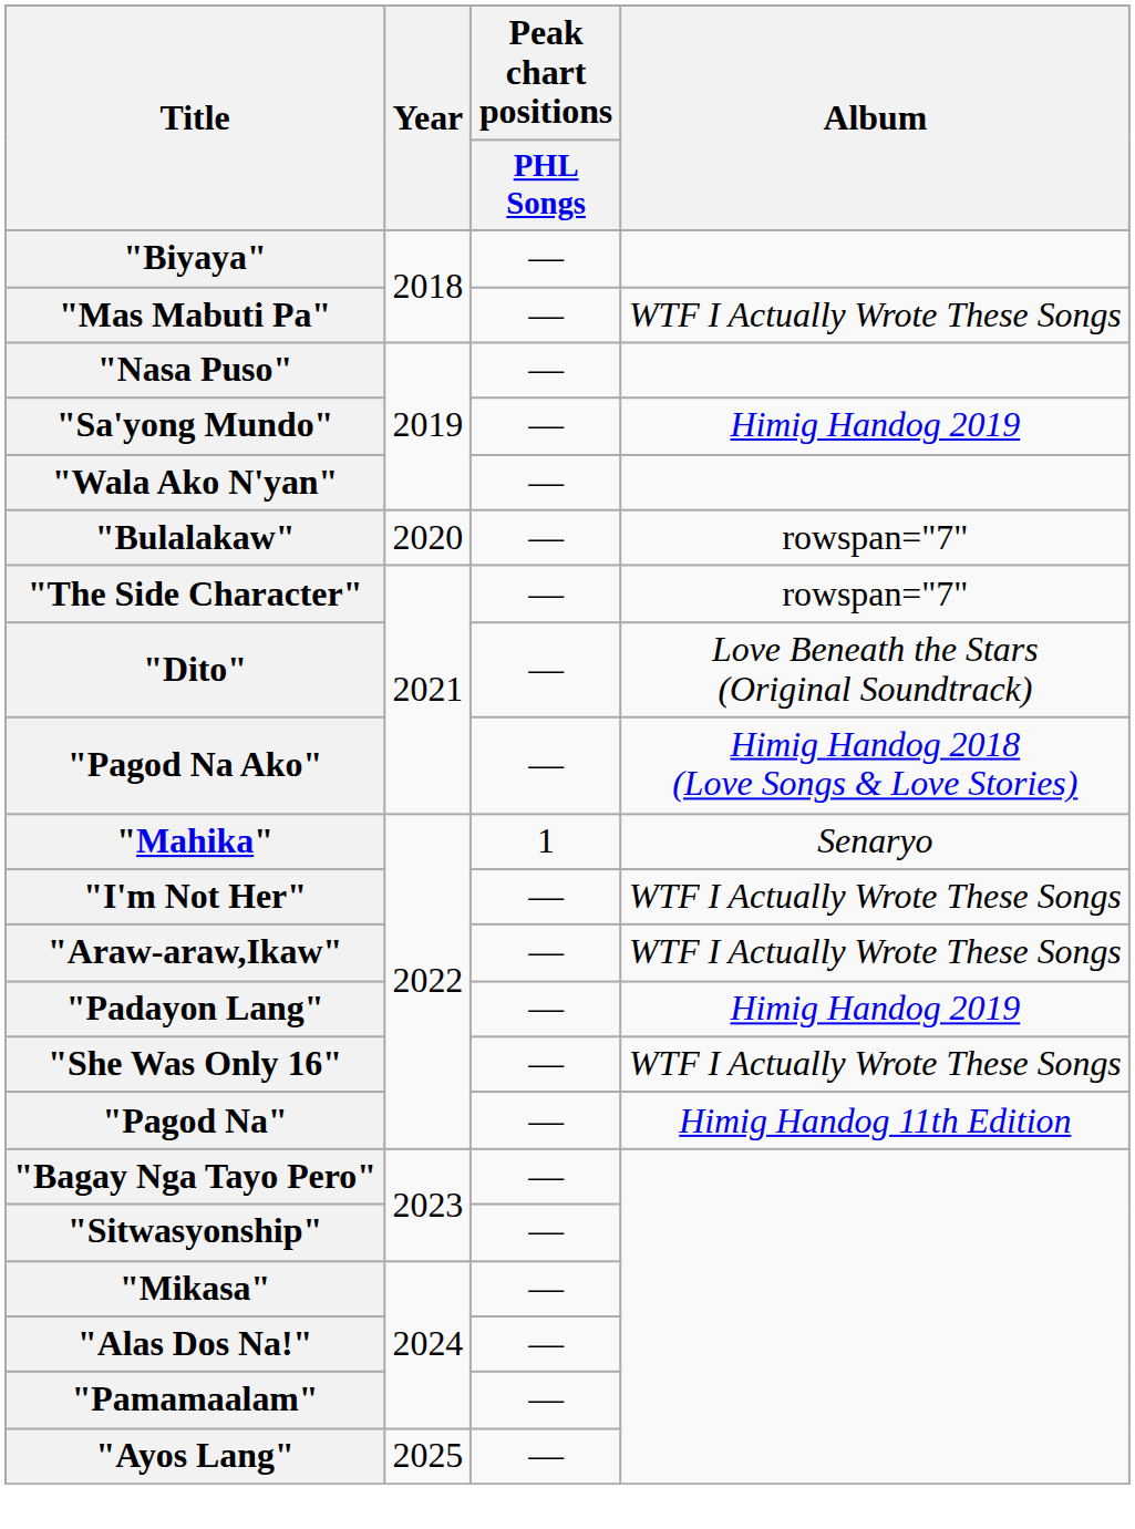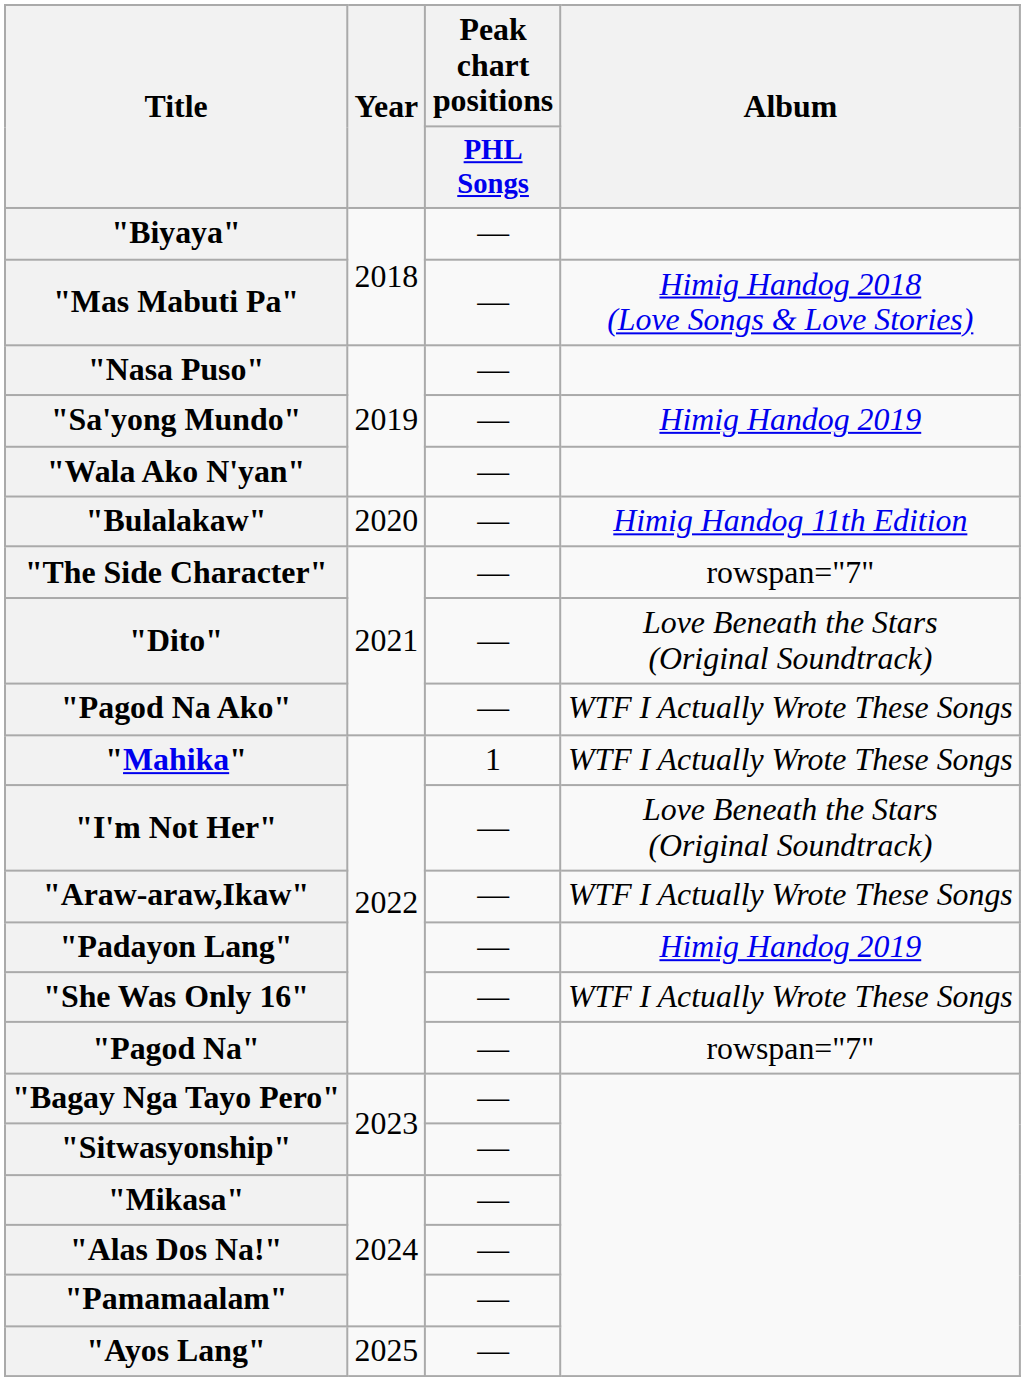 <table class="wikitable plainrowheaders"  style="text-align:center;">
 <tr>
 <th scope="col" rowspan="2">Title</th>
 <th scope="col" rowspan="2">Year</th>
 <th scope="col" rowspan="1" colspan="1">Peak chart positions</th>
 <th scope="col" rowspan="2">Album</th>
 </tr>
 <tr>
 <th scope="col" style="font-size:90%; width:3em"><a href='#'>PHL<br>Songs</a><br></th>
 </tr>
 <tr>
 <th scope="row">"Biyaya"</th>
 <td rowspan="2">2018</td>
 <td>—</td>
 <td></td>
 </tr>
 <tr>
 <th scope="row">"Mas Mabuti Pa"</th>
 <td>—</td>
-<td><em>WTF I Actually Wrote These Songs</em></td>
+<td><em><a href='#'>Himig Handog 2018<br>(Love Songs & Love Stories)</a></em></td>
 </tr>
 <tr>
 <th scope="row">"Nasa Puso"</th>
 <td rowspan="3">2019</td>
 <td>—</td>
 <td></td>
 </tr>
 <tr>
 <th scope="row">"Sa'yong Mundo"</th>
 <td>—</td>
 <td><em><a href='#'>Himig Handog 2019</a></em></td>
 </tr>
 <tr>
 <th scope="row">"Wala Ako N'yan"</th>
 <td>—</td>
 <td></td>
 </tr>
 <tr>
 <th scope="row">"Bulalakaw"<br></th>
 <td>2020</td>
 <td>—</td>
-<td>rowspan="7" </td>
+<td><em><a href='#'>Himig Handog 11th Edition</a></em></td>
 </tr>
 <tr>
 <th scope="row">"The Side Character"</th>
 <td rowspan="3">2021</td>
 <td>—</td>
 <td>rowspan="7" </td>
 </tr>
 <tr>
 <th scope="row">"Dito"</th>
 <td>—</td>
 <td><em>Love Beneath the Stars<br>(Original Soundtrack)</em></td>
 </tr>
 <tr>
 <th scope="row">"Pagod Na Ako"</th>
 <td>—</td>
-<td><em><a href='#'>Himig Handog 2018<br>(Love Songs & Love Stories)</a></em></td>
+<td><em>WTF I Actually Wrote These Songs</em></td>
 </tr>
 <tr>
 <th scope="row">"<a href='#'>Mahika</a>"<br></th>
 <td rowspan="6">2022</td>
 <td>1</td>
-<td><em>Senaryo</em></td>
+<td><em>WTF I Actually Wrote These Songs</em></td>
 </tr>
 <tr>
 <th scope="row">"I'm Not Her"</th>
 <td>—</td>
-<td><em>WTF I Actually Wrote These Songs</em></td>
+<td><em>Love Beneath the Stars<br>(Original Soundtrack)</em></td>
 </tr>
 <tr>
 <th scope="row">"Araw-araw,Ikaw"</th>
 <td>—</td>
 <td><em>WTF I Actually Wrote These Songs</em></td>
 </tr>
 <tr>
 <th scope="row">"Padayon Lang"</th>
 <td>—</td>
 <td><em><a href='#'>Himig Handog 2019</a></em></td>
 </tr>
 <tr>
 <th scope="row">"She Was Only 16"</th>
 <td>—</td>
 <td><em>WTF I Actually Wrote These Songs</em></td>
 </tr>
 <tr>
 <th scope="row">"Pagod Na"<br></th>
 <td>—</td>
-<td><em><a href='#'>Himig Handog 11th Edition</a></em></td>
+<td>rowspan="7" </td>
 </tr>
 <tr>
 <th scope="row">"Bagay Nga Tayo Pero"</th>
 <td rowspan="2">2023</td>
 <td>—</td>
 </tr>
 <tr>
 <th scope="row">"Sitwasyonship"</th>
 <td>—</td>
 </tr>
 <tr>
 <th scope="row">"Mikasa"<br></th>
 <td rowspan="3">2024</td>
 <td>—</td>
 </tr>
 <tr>
 <th scope="row">"Alas Dos Na!"</th>
 <td>—</td>
 </tr>
 <tr>
 <th scope="row">"Pamamaalam"</th>
 <td>—</td>
 </tr>
 <tr>
 <th scope="row">"Ayos Lang"</th>
 <td rowspan="1">2025</td>
 <td>—</td>
 </tr>
 </table>
